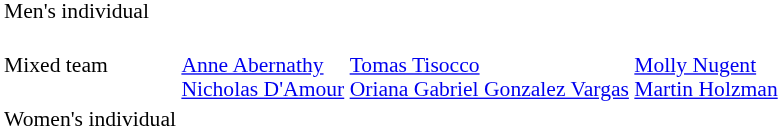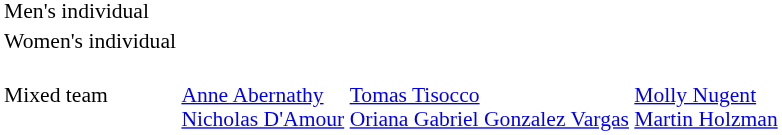 <table>
 <tr>
 <td>Men's individual</td>
+<td></td>
+<td></td>
+<td></td>
+</tr>
+<tr>
+<td>Women's individual</td>
 <td></td>
 <td></td>
 <td></td>
 </tr>
 <tr>
 <td>Mixed team</td>
 <td><br><a href='#'>Anne Abernathy</a><br><a href='#'>Nicholas D'Amour</a></td>
 <td><br><a href='#'>Tomas Tisocco</a><br><a href='#'>Oriana Gabriel Gonzalez Vargas</a></td>
 <td><br><a href='#'>Molly Nugent</a><br><a href='#'>Martin Holzman</a></td>
 </tr>
-<tr>
-<td>Women's individual</td>
-<td></td>
-<td></td>
-<td></td>
-</tr>
 </table>
